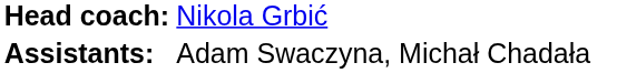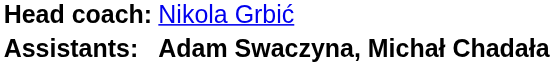 <table>
 <tr>
 <td><strong>Head coach:</strong></td>
 <td> <a href='#'>Nikola Grbić</a></td>
 </tr>
 <tr>
 <td><strong>Assistants:</strong></td>
-<td> Adam Swaczyna,  Michał Chadała</td>
+<td><strong> Adam Swaczyna,  Michał Chadała</strong></td>
 </tr>
 </table>
